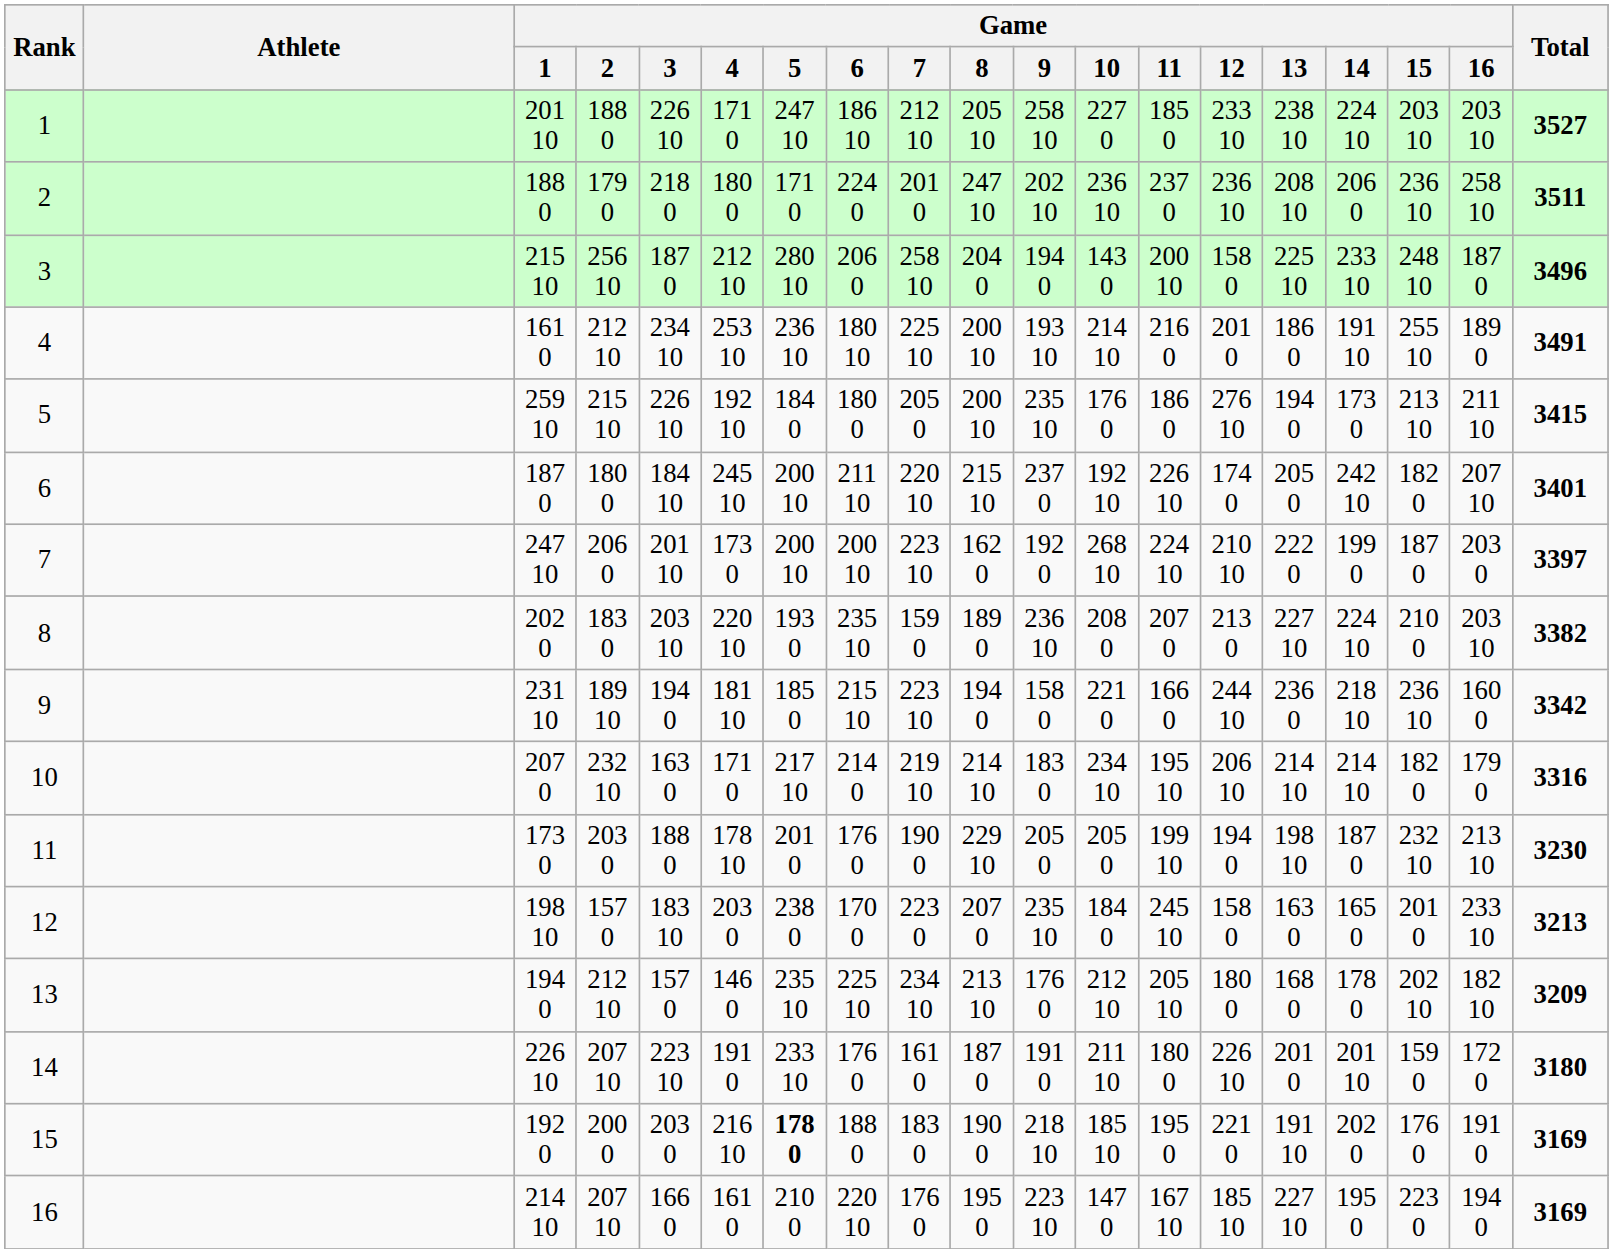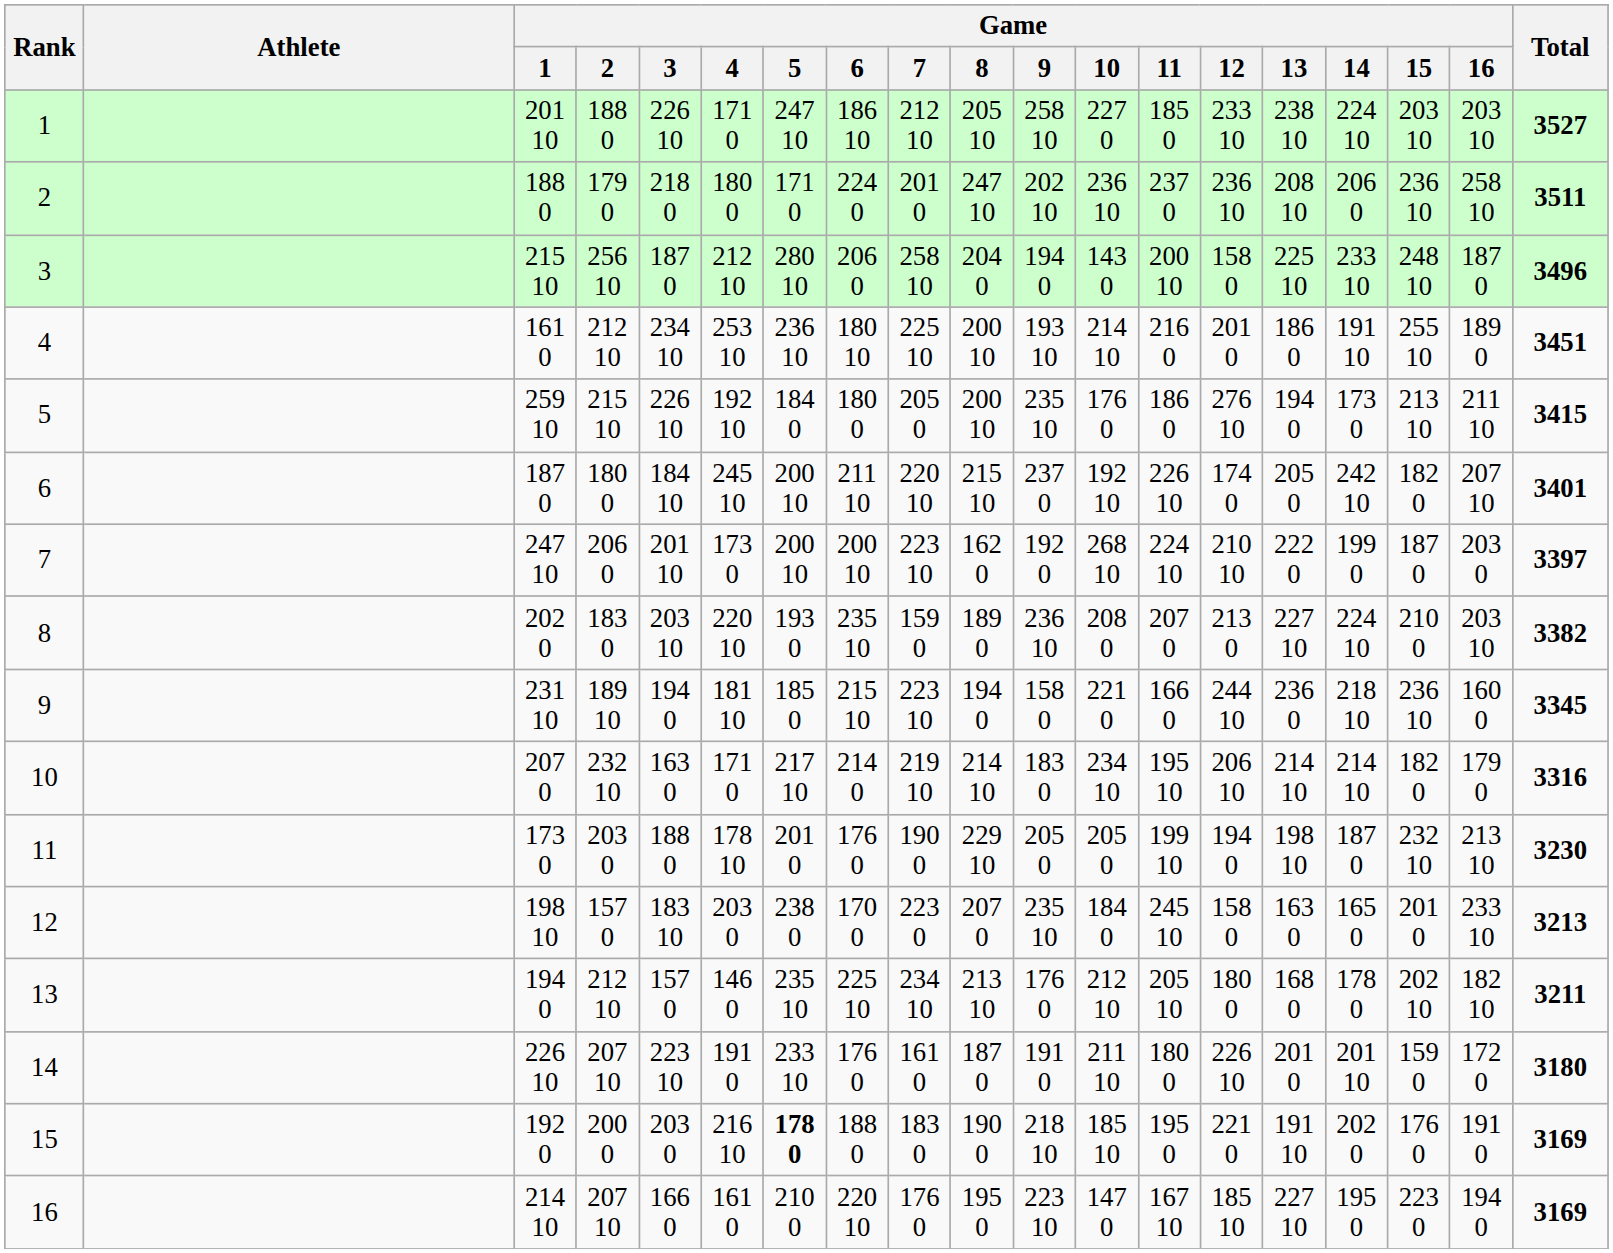 <table class=wikitable style="text-align:center">
 <tr>
 <th rowspan="2" width=40>Rank</th>
 <th rowspan="2" width=250>Athlete</th>
 <th colspan="16">Game</th>
 <th rowspan="2" width=50>Total</th>
 </tr>
 <tr>
 <th width=30>1</th>
 <th width=30>2</th>
 <th width=30>3</th>
 <th width=30>4</th>
 <th width=30>5</th>
 <th width=30>6</th>
 <th width=30>7</th>
 <th width=30>8</th>
 <th width=30>9</th>
 <th width=30>10</th>
 <th width=30>11</th>
 <th width=30>12</th>
 <th width=30>13</th>
 <th width=30>14</th>
 <th width=30>15</th>
 <th width=30>16</th>
 </tr>
 <tr bgcolor="#ccffcc">
 <td>1</td>
 <td align=left></td>
 <td>201<br>10</td>
 <td>188<br>0</td>
 <td>226<br>10</td>
 <td>171<br>0</td>
 <td>247<br>10</td>
 <td>186<br>10</td>
 <td>212<br>10</td>
 <td>205<br>10</td>
 <td>258<br>10</td>
 <td>227<br>0</td>
 <td>185<br>0</td>
 <td>233<br>10</td>
 <td>238<br>10</td>
 <td>224<br>10</td>
 <td>203<br>10</td>
 <td>203<br>10</td>
 <td><strong>3527</strong></td>
 </tr>
 <tr bgcolor="#ccffcc">
 <td>2</td>
 <td align=left></td>
 <td>188<br>0</td>
 <td>179<br>0</td>
 <td>218<br>0</td>
 <td>180<br>0</td>
 <td>171<br>0</td>
 <td>224<br>0</td>
 <td>201<br>0</td>
 <td>247<br>10</td>
 <td>202<br>10</td>
 <td>236<br>10</td>
 <td>237<br>0</td>
 <td>236<br>10</td>
 <td>208<br>10</td>
 <td>206<br>0</td>
 <td>236<br>10</td>
 <td>258<br>10</td>
 <td><strong>3511</strong></td>
 </tr>
 <tr bgcolor="#ccffcc">
 <td>3</td>
 <td align=left></td>
 <td>215<br>10</td>
 <td>256<br>10</td>
 <td>187<br>0</td>
 <td>212<br>10</td>
 <td>280<br>10</td>
 <td>206<br>0</td>
 <td>258<br>10</td>
 <td>204<br>0</td>
 <td>194<br>0</td>
 <td>143<br>0</td>
 <td>200<br>10</td>
 <td>158<br>0</td>
 <td>225<br>10</td>
 <td>233<br>10</td>
 <td>248<br>10</td>
 <td>187<br>0</td>
 <td><strong>3496</strong></td>
 </tr>
 <tr>
 <td>4</td>
 <td align=left></td>
 <td>161<br>0</td>
 <td>212<br>10</td>
 <td>234<br>10</td>
 <td>253<br>10</td>
 <td>236<br>10</td>
 <td>180<br>10</td>
 <td>225<br>10</td>
 <td>200<br>10</td>
 <td>193<br>10</td>
 <td>214<br>10</td>
 <td>216<br>0</td>
 <td>201<br>0</td>
 <td>186<br>0</td>
 <td>191<br>10</td>
 <td>255<br>10</td>
 <td>189<br>0</td>
-<td><strong>3491</strong></td>
+<td><strong>3451</strong></td>
 </tr>
 <tr>
 <td>5</td>
 <td align=left></td>
 <td>259<br>10</td>
 <td>215<br>10</td>
 <td>226<br>10</td>
 <td>192<br>10</td>
 <td>184<br>0</td>
 <td>180<br>0</td>
 <td>205<br>0</td>
 <td>200<br>10</td>
 <td>235<br>10</td>
 <td>176<br>0</td>
 <td>186<br>0</td>
 <td>276<br>10</td>
 <td>194<br>0</td>
 <td>173<br>0</td>
 <td>213<br>10</td>
 <td>211<br>10</td>
 <td><strong>3415</strong></td>
 </tr>
 <tr>
 <td>6</td>
 <td align=left></td>
 <td>187<br>0</td>
 <td>180<br>0</td>
 <td>184<br>10</td>
 <td>245<br>10</td>
 <td>200<br>10</td>
 <td>211<br>10</td>
 <td>220<br>10</td>
 <td>215<br>10</td>
 <td>237<br>0</td>
 <td>192<br>10</td>
 <td>226<br>10</td>
 <td>174<br>0</td>
 <td>205<br>0</td>
 <td>242<br>10</td>
 <td>182<br>0</td>
 <td>207<br>10</td>
 <td><strong>3401</strong></td>
 </tr>
 <tr>
 <td>7</td>
 <td align=left></td>
 <td>247<br>10</td>
 <td>206<br>0</td>
 <td>201<br>10</td>
 <td>173<br>0</td>
 <td>200<br>10</td>
 <td>200<br>10</td>
 <td>223<br>10</td>
 <td>162<br>0</td>
 <td>192<br>0</td>
 <td>268<br>10</td>
 <td>224<br>10</td>
 <td>210<br>10</td>
 <td>222<br>0</td>
 <td>199<br>0</td>
 <td>187<br>0</td>
 <td>203<br>0</td>
 <td><strong>3397</strong></td>
 </tr>
 <tr>
 <td>8</td>
 <td align=left></td>
 <td>202<br>0</td>
 <td>183<br>0</td>
 <td>203<br>10</td>
 <td>220<br>10</td>
 <td>193<br>0</td>
 <td>235<br>10</td>
 <td>159<br>0</td>
 <td>189<br>0</td>
 <td>236<br>10</td>
 <td>208<br>0</td>
 <td>207<br>0</td>
 <td>213<br>0</td>
 <td>227<br>10</td>
 <td>224<br>10</td>
 <td>210<br>0</td>
 <td>203<br>10</td>
 <td><strong>3382</strong></td>
 </tr>
 <tr>
 <td>9</td>
 <td align=left></td>
 <td>231<br>10</td>
 <td>189<br>10</td>
 <td>194<br>0</td>
 <td>181<br>10</td>
 <td>185<br>0</td>
 <td>215<br>10</td>
 <td>223<br>10</td>
 <td>194<br>0</td>
 <td>158<br>0</td>
 <td>221<br>0</td>
 <td>166<br>0</td>
 <td>244<br>10</td>
 <td>236<br>0</td>
 <td>218<br>10</td>
 <td>236<br>10</td>
 <td>160<br>0</td>
-<td><strong>3342</strong></td>
+<td><strong>3345</strong></td>
 </tr>
 <tr>
 <td>10</td>
 <td align=left></td>
 <td>207<br>0</td>
 <td>232<br>10</td>
 <td>163<br>0</td>
 <td>171<br>0</td>
 <td>217<br>10</td>
 <td>214<br>0</td>
 <td>219<br>10</td>
 <td>214<br>10</td>
 <td>183<br>0</td>
 <td>234<br>10</td>
 <td>195<br>10</td>
 <td>206<br>10</td>
 <td>214<br>10</td>
 <td>214<br>10</td>
 <td>182<br>0</td>
 <td>179<br>0</td>
 <td><strong>3316</strong></td>
 </tr>
 <tr>
 <td>11</td>
 <td align=left></td>
 <td>173<br>0</td>
 <td>203<br>0</td>
 <td>188<br>0</td>
 <td>178<br>10</td>
 <td>201<br>0</td>
 <td>176<br>0</td>
 <td>190<br>0</td>
 <td>229<br>10</td>
 <td>205<br>0</td>
 <td>205<br>0</td>
 <td>199<br>10</td>
 <td>194<br>0</td>
 <td>198<br>10</td>
 <td>187<br>0</td>
 <td>232<br>10</td>
 <td>213<br>10</td>
 <td><strong>3230</strong></td>
 </tr>
 <tr>
 <td>12</td>
 <td align=left></td>
 <td>198<br>10</td>
 <td>157<br>0</td>
 <td>183<br>10</td>
 <td>203<br>0</td>
 <td>238<br>0</td>
 <td>170<br>0</td>
 <td>223<br>0</td>
 <td>207<br>0</td>
 <td>235<br>10</td>
 <td>184<br>0</td>
 <td>245<br>10</td>
 <td>158<br>0</td>
 <td>163<br>0</td>
 <td>165<br>0</td>
 <td>201<br>0</td>
 <td>233<br>10</td>
 <td><strong>3213</strong></td>
 </tr>
 <tr>
 <td>13</td>
 <td align=left></td>
 <td>194<br>0</td>
 <td>212<br>10</td>
 <td>157<br>0</td>
 <td>146<br>0</td>
 <td>235<br>10</td>
 <td>225<br>10</td>
 <td>234<br>10</td>
 <td>213<br>10</td>
 <td>176<br>0</td>
 <td>212<br>10</td>
 <td>205<br>10</td>
 <td>180<br>0</td>
 <td>168<br>0</td>
 <td>178<br>0</td>
 <td>202<br>10</td>
 <td>182<br>10</td>
-<td><strong>3209</strong></td>
+<td><strong>3211</strong></td>
 </tr>
 <tr>
 <td>14</td>
 <td align=left></td>
 <td>226<br>10</td>
 <td>207<br>10</td>
 <td>223<br>10</td>
 <td>191<br>0</td>
 <td>233<br>10</td>
 <td>176<br>0</td>
 <td>161<br>0</td>
 <td>187<br>0</td>
 <td>191<br>0</td>
 <td>211<br>10</td>
 <td>180<br>0</td>
 <td>226<br>10</td>
 <td>201<br>0</td>
 <td>201<br>10</td>
 <td>159<br>0</td>
 <td>172<br>0</td>
 <td><strong>3180</strong></td>
 </tr>
 <tr>
 <td>15</td>
 <td align=left></td>
 <td>192<br>0</td>
 <td>200<br>0</td>
 <td>203<br>0</td>
 <td>216<br>10</td>
 <td><strong>178<br>0</strong></td>
 <td>188<br>0</td>
 <td>183<br>0</td>
 <td>190<br>0</td>
 <td>218<br>10</td>
 <td>185<br>10</td>
 <td>195<br>0</td>
 <td>221<br>0</td>
 <td>191<br>10</td>
 <td>202<br>0</td>
 <td>176<br>0</td>
 <td>191<br>0</td>
 <td><strong>3169</strong></td>
 </tr>
 <tr>
 <td>16</td>
 <td align=left></td>
 <td>214<br>10</td>
 <td>207<br>10</td>
 <td>166<br>0</td>
 <td>161<br>0</td>
 <td>210<br>0</td>
 <td>220<br>10</td>
 <td>176<br>0</td>
 <td>195<br>0</td>
 <td>223<br>10</td>
 <td>147<br>0</td>
 <td>167<br>10</td>
 <td>185<br>10</td>
 <td>227<br>10</td>
 <td>195<br>0</td>
 <td>223<br>0</td>
 <td>194<br>0</td>
 <td><strong>3169</strong></td>
 </tr>
 </table>
